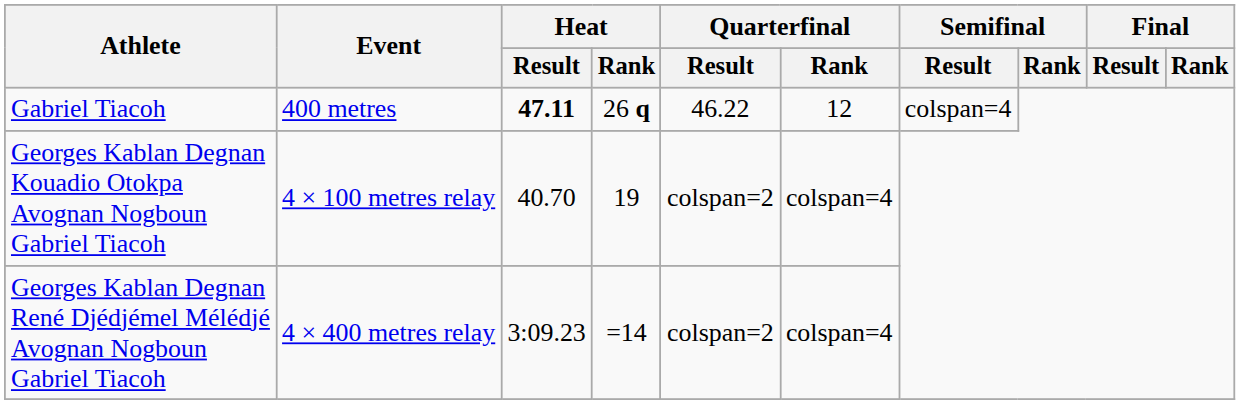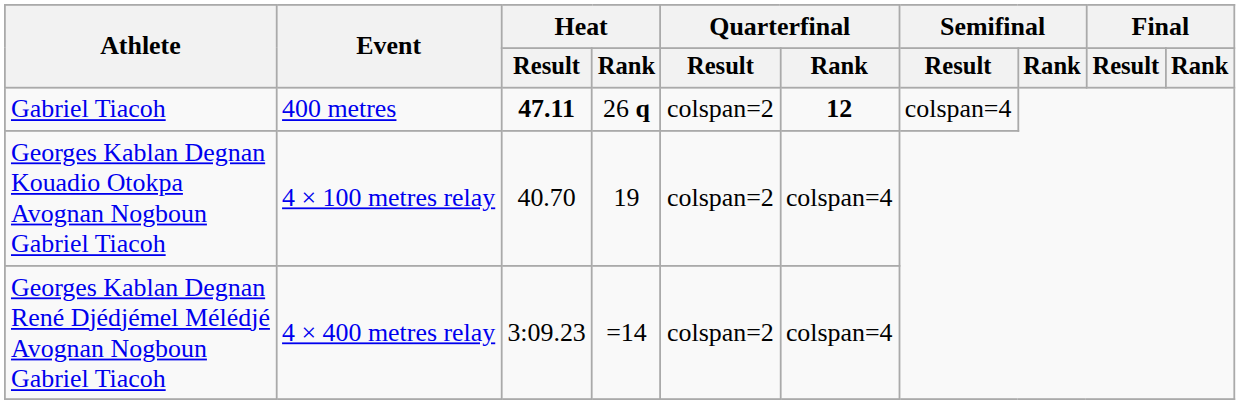 <table class=wikitable style=font-size:90%>
 <tr>
 <th rowspan=2>Athlete</th>
 <th rowspan=2>Event</th>
 <th colspan=2>Heat</th>
 <th colspan=2>Quarterfinal</th>
 <th colspan=2>Semifinal</th>
 <th colspan=2>Final</th>
 </tr>
 <tr style=font-size:95%>
 <th>Result</th>
 <th>Rank</th>
 <th>Result</th>
 <th>Rank</th>
 <th>Result</th>
 <th>Rank</th>
 <th>Result</th>
 <th>Rank</th>
 </tr>
 <tr align=center>
 <td align=left><a href='#'>Gabriel Tiacoh</a></td>
 <td align=left><a href='#'>400 metres</a></td>
 <td><strong>47.11</strong></td>
 <td>26 <strong>q</strong></td>
-<td>46.22</td>
-<td>12</td>
+<td>colspan=2 </td>
+<td><strong>12</strong></td>
 <td>colspan=4 </td>
 </tr>
 <tr align=center>
 <td align=left><a href='#'>Georges Kablan Degnan</a><br><a href='#'>Kouadio Otokpa</a><br><a href='#'>Avognan Nogboun</a><br><a href='#'>Gabriel Tiacoh</a></td>
 <td align=left><a href='#'>4 × 100 metres relay</a></td>
 <td>40.70</td>
 <td>19</td>
 <td>colspan=2 </td>
 <td>colspan=4 </td>
 </tr>
 <tr align=center>
 <td align=left><a href='#'>Georges Kablan Degnan</a><br><a href='#'>René Djédjémel Mélédjé</a><br><a href='#'>Avognan Nogboun</a><br><a href='#'>Gabriel Tiacoh</a></td>
 <td align=left><a href='#'>4 × 400 metres relay</a></td>
 <td>3:09.23</td>
 <td>=14</td>
 <td>colspan=2 </td>
 <td>colspan=4 </td>
 </tr>
 </table>
